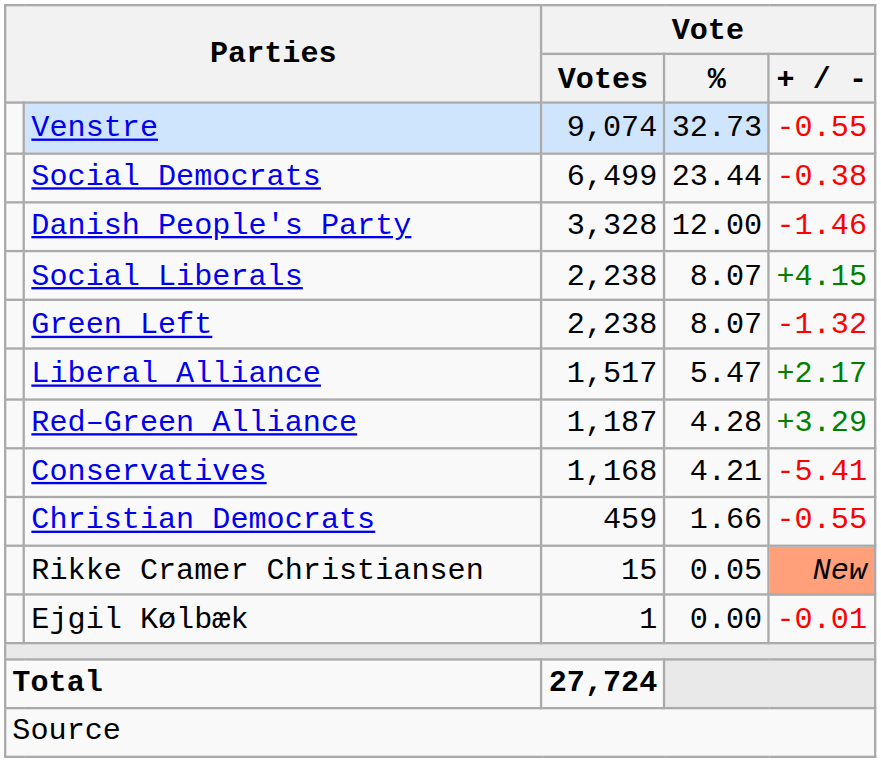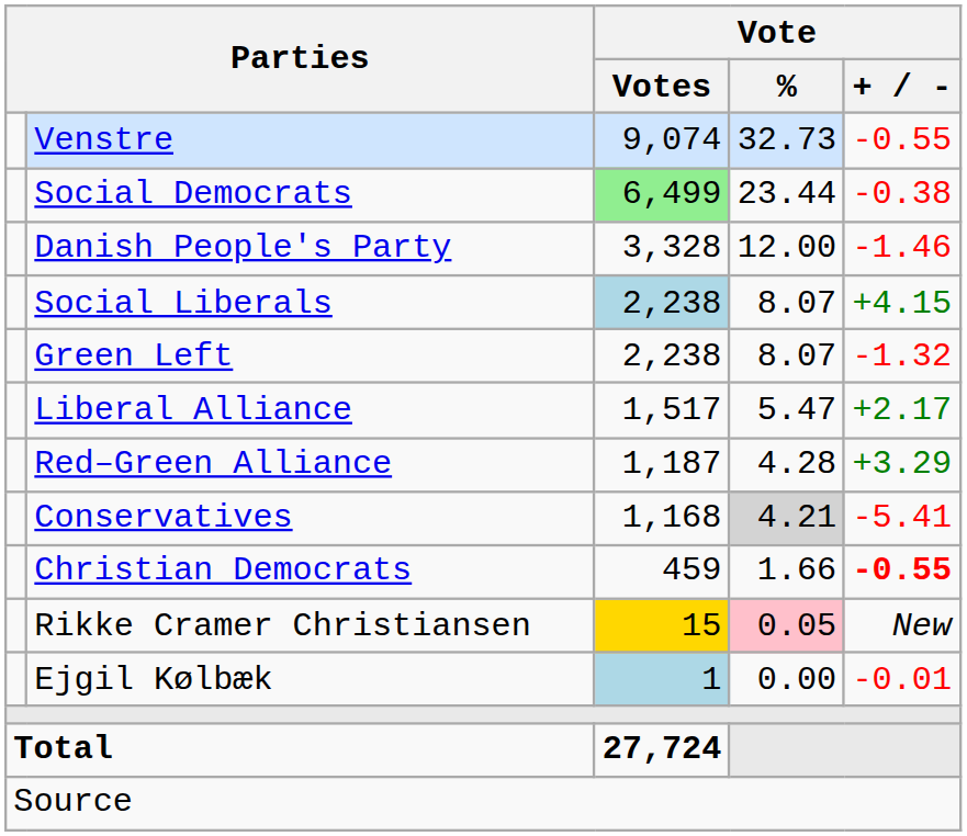 <table class="wikitable" style="text-align:right;">
 <tr>
 <th style="text-align:centre;" rowspan="2" colspan="2" width="225">Parties</th>
 <th colspan="3">Vote</th>
 </tr>
 <tr>
 <th width="15">Votes</th>
 <th width="15">%</th>
 <th width="15">+ / -</th>
 </tr>
 <tr>
 <td width="2" style="color:inherit;background:"></td>
 <td bgcolor=#cfe5fe  align="left"><a href='#'>Venstre</a></td>
 <td bgcolor=#cfe5fe>9,074</td>
 <td bgcolor=#cfe5fe>32.73</td>
 <td style=color:red;>-0.55</td>
 </tr>
 <tr>
 <td width="2" style="color:inherit;background:"></td>
 <td align="left"><a href='#'>Social Democrats</a></td>
-<td>6,499</td>
+<td style="background: lightgreen;">6,499</td>
 <td>23.44</td>
 <td style=color:red;>-0.38</td>
 </tr>
 <tr>
 <td width="2" style="color:inherit;background:"></td>
 <td align="left"><a href='#'>Danish People's Party</a></td>
 <td>3,328</td>
 <td>12.00</td>
 <td style=color:red;>-1.46</td>
 </tr>
 <tr>
 <td width="2" style="color:inherit;background:"></td>
 <td align="left"><a href='#'>Social Liberals</a></td>
-<td>2,238</td>
+<td style="background: lightblue;">2,238</td>
 <td>8.07</td>
 <td style=color:green;>+4.15</td>
 </tr>
 <tr>
 <td width="2" style="color:inherit;background:"></td>
 <td align="left"><a href='#'>Green Left</a></td>
 <td>2,238</td>
 <td>8.07</td>
 <td style=color:red;>-1.32</td>
 </tr>
 <tr>
 <td width="2" style="color:inherit;background:"></td>
 <td align="left"><a href='#'>Liberal Alliance</a></td>
 <td>1,517</td>
 <td>5.47</td>
 <td style=color:green;>+2.17</td>
 </tr>
 <tr>
 <td width="2" style="color:inherit;background:"></td>
 <td align="left"><a href='#'>Red–Green Alliance</a></td>
 <td>1,187</td>
 <td>4.28</td>
 <td style=color:green;>+3.29</td>
 </tr>
 <tr>
 <td width="2" style="color:inherit;background:"></td>
 <td align="left"><a href='#'>Conservatives</a></td>
 <td>1,168</td>
-<td>4.21</td>
+<td style="background: lightgrey;">4.21</td>
 <td style=color:red;>-5.41</td>
 </tr>
 <tr>
 <td width="2" style="color:inherit;background:"></td>
 <td align="left"><a href='#'>Christian Democrats</a></td>
 <td>459</td>
 <td>1.66</td>
-<td style=color:red;>-0.55</td>
+<td style=color:red;><strong>-0.55</strong></td>
 </tr>
 <tr>
 <td width="2" style="color:inherit;background:"></td>
 <td align="left">Rikke Cramer Christiansen</td>
-<td>15</td>
-<td>0.05</td>
-<td style="background: lightsalmon;"><em>New</em></td>
+<td style="background: gold;">15</td>
+<td style="background: pink;">0.05</td>
+<td><em>New</em></td>
 </tr>
 <tr>
 <td width="2" style="color:inherit;background:"></td>
 <td align="left">Ejgil Kølbæk</td>
-<td>1</td>
+<td style="background: lightblue;">1</td>
 <td>0.00</td>
 <td style=color:red;>-0.01</td>
 </tr>
 <tr>
 <td colspan="7" bgcolor="#E9E9E9"></td>
 </tr>
 <tr>
 <td align="left" colspan="2"><strong>Total</strong></td>
 <td><strong>27,724</strong></td>
 <td bgcolor="#E9E9E9" colspan="2"></td>
 </tr>
 <tr>
 <td align="left" colspan="6">Source</td>
 </tr>
 </table>
